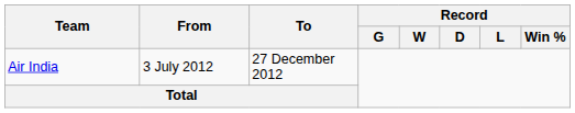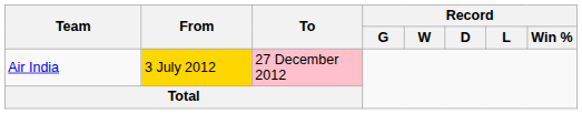 <table class="wikitable" style="text-align: center">
 <tr>
 <th rowspan=2! width=150>Team</th>
 <th rowspan=2! width=120>From</th>
 <th rowspan=2! width=120>To</th>
 <th colspan=7>Record</th>
 </tr>
 <tr>
 <th width=40>G</th>
 <th width=40>W</th>
 <th width=40>D</th>
 <th width=40>L</th>
 <th width=50>Win %</th>
 </tr>
 <tr>
 <td align=left><a href='#'>Air India</a></td>
-<td align=left>3 July 2012</td>
-<td align=left>27 December 2012<br></td>
+<td align=left style="background: gold;">3 July 2012</td>
+<td align=left style="background: pink;">27 December 2012<br></td>
 </tr>
 <tr>
 <th colspan="3">Total<br></th>
 </tr>
 </table>
